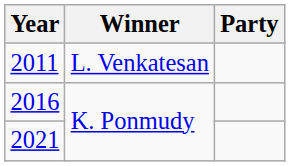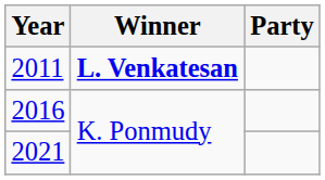 <table class="wikitable">
 <tr>
 <th>Year</th>
 <th>Winner</th>
 <th colspan="2">Party</th>
 </tr>
 <tr>
 <td><a href='#'>2011</a></td>
-<td><a href='#'>L. Venkatesan</a></td>
+<td><strong><a href='#'>L. Venkatesan</a></strong></td>
 <td></td>
 </tr>
 <tr>
 <td><a href='#'>2016</a></td>
 <td rowspan=2><a href='#'>K. Ponmudy</a></td>
 <td></td>
 </tr>
 <tr>
 <td><a href='#'>2021</a></td>
 </tr>
 </table>
